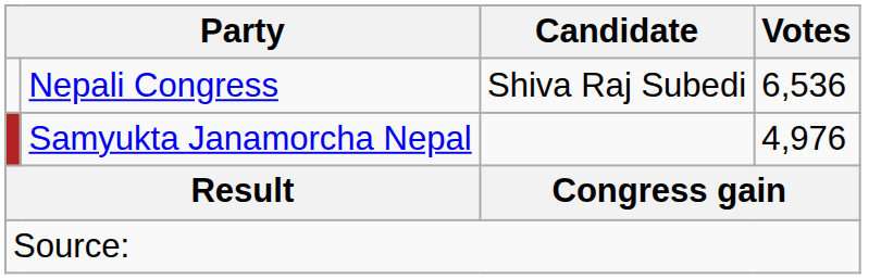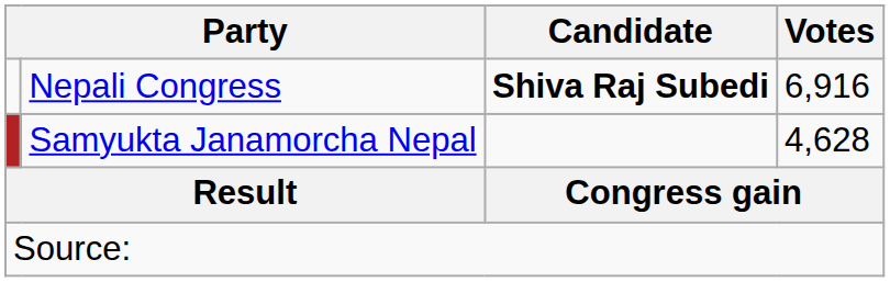 <table class="wikitable">
 <tr>
 <th colspan="2">Party</th>
 <th>Candidate</th>
 <th>Votes</th>
 </tr>
 <tr>
 <td style="background-color:"></td>
 <td><a href='#'>Nepali Congress</a></td>
-<td>Shiva Raj Subedi</td>
-<td>6,536</td>
+<td><strong>Shiva Raj Subedi</strong></td>
+<td>6,916</td>
 </tr>
 <tr>
 <td style="background-color:firebrick"></td>
 <td><a href='#'>Samyukta Janamorcha Nepal</a></td>
 <td></td>
-<td>4,976</td>
+<td>4,628</td>
 </tr>
 <tr>
 <th colspan="2">Result</th>
 <th colspan="2">Congress gain</th>
 </tr>
 <tr>
 <td colspan="4">Source: </td>
 </tr>
 </table>
